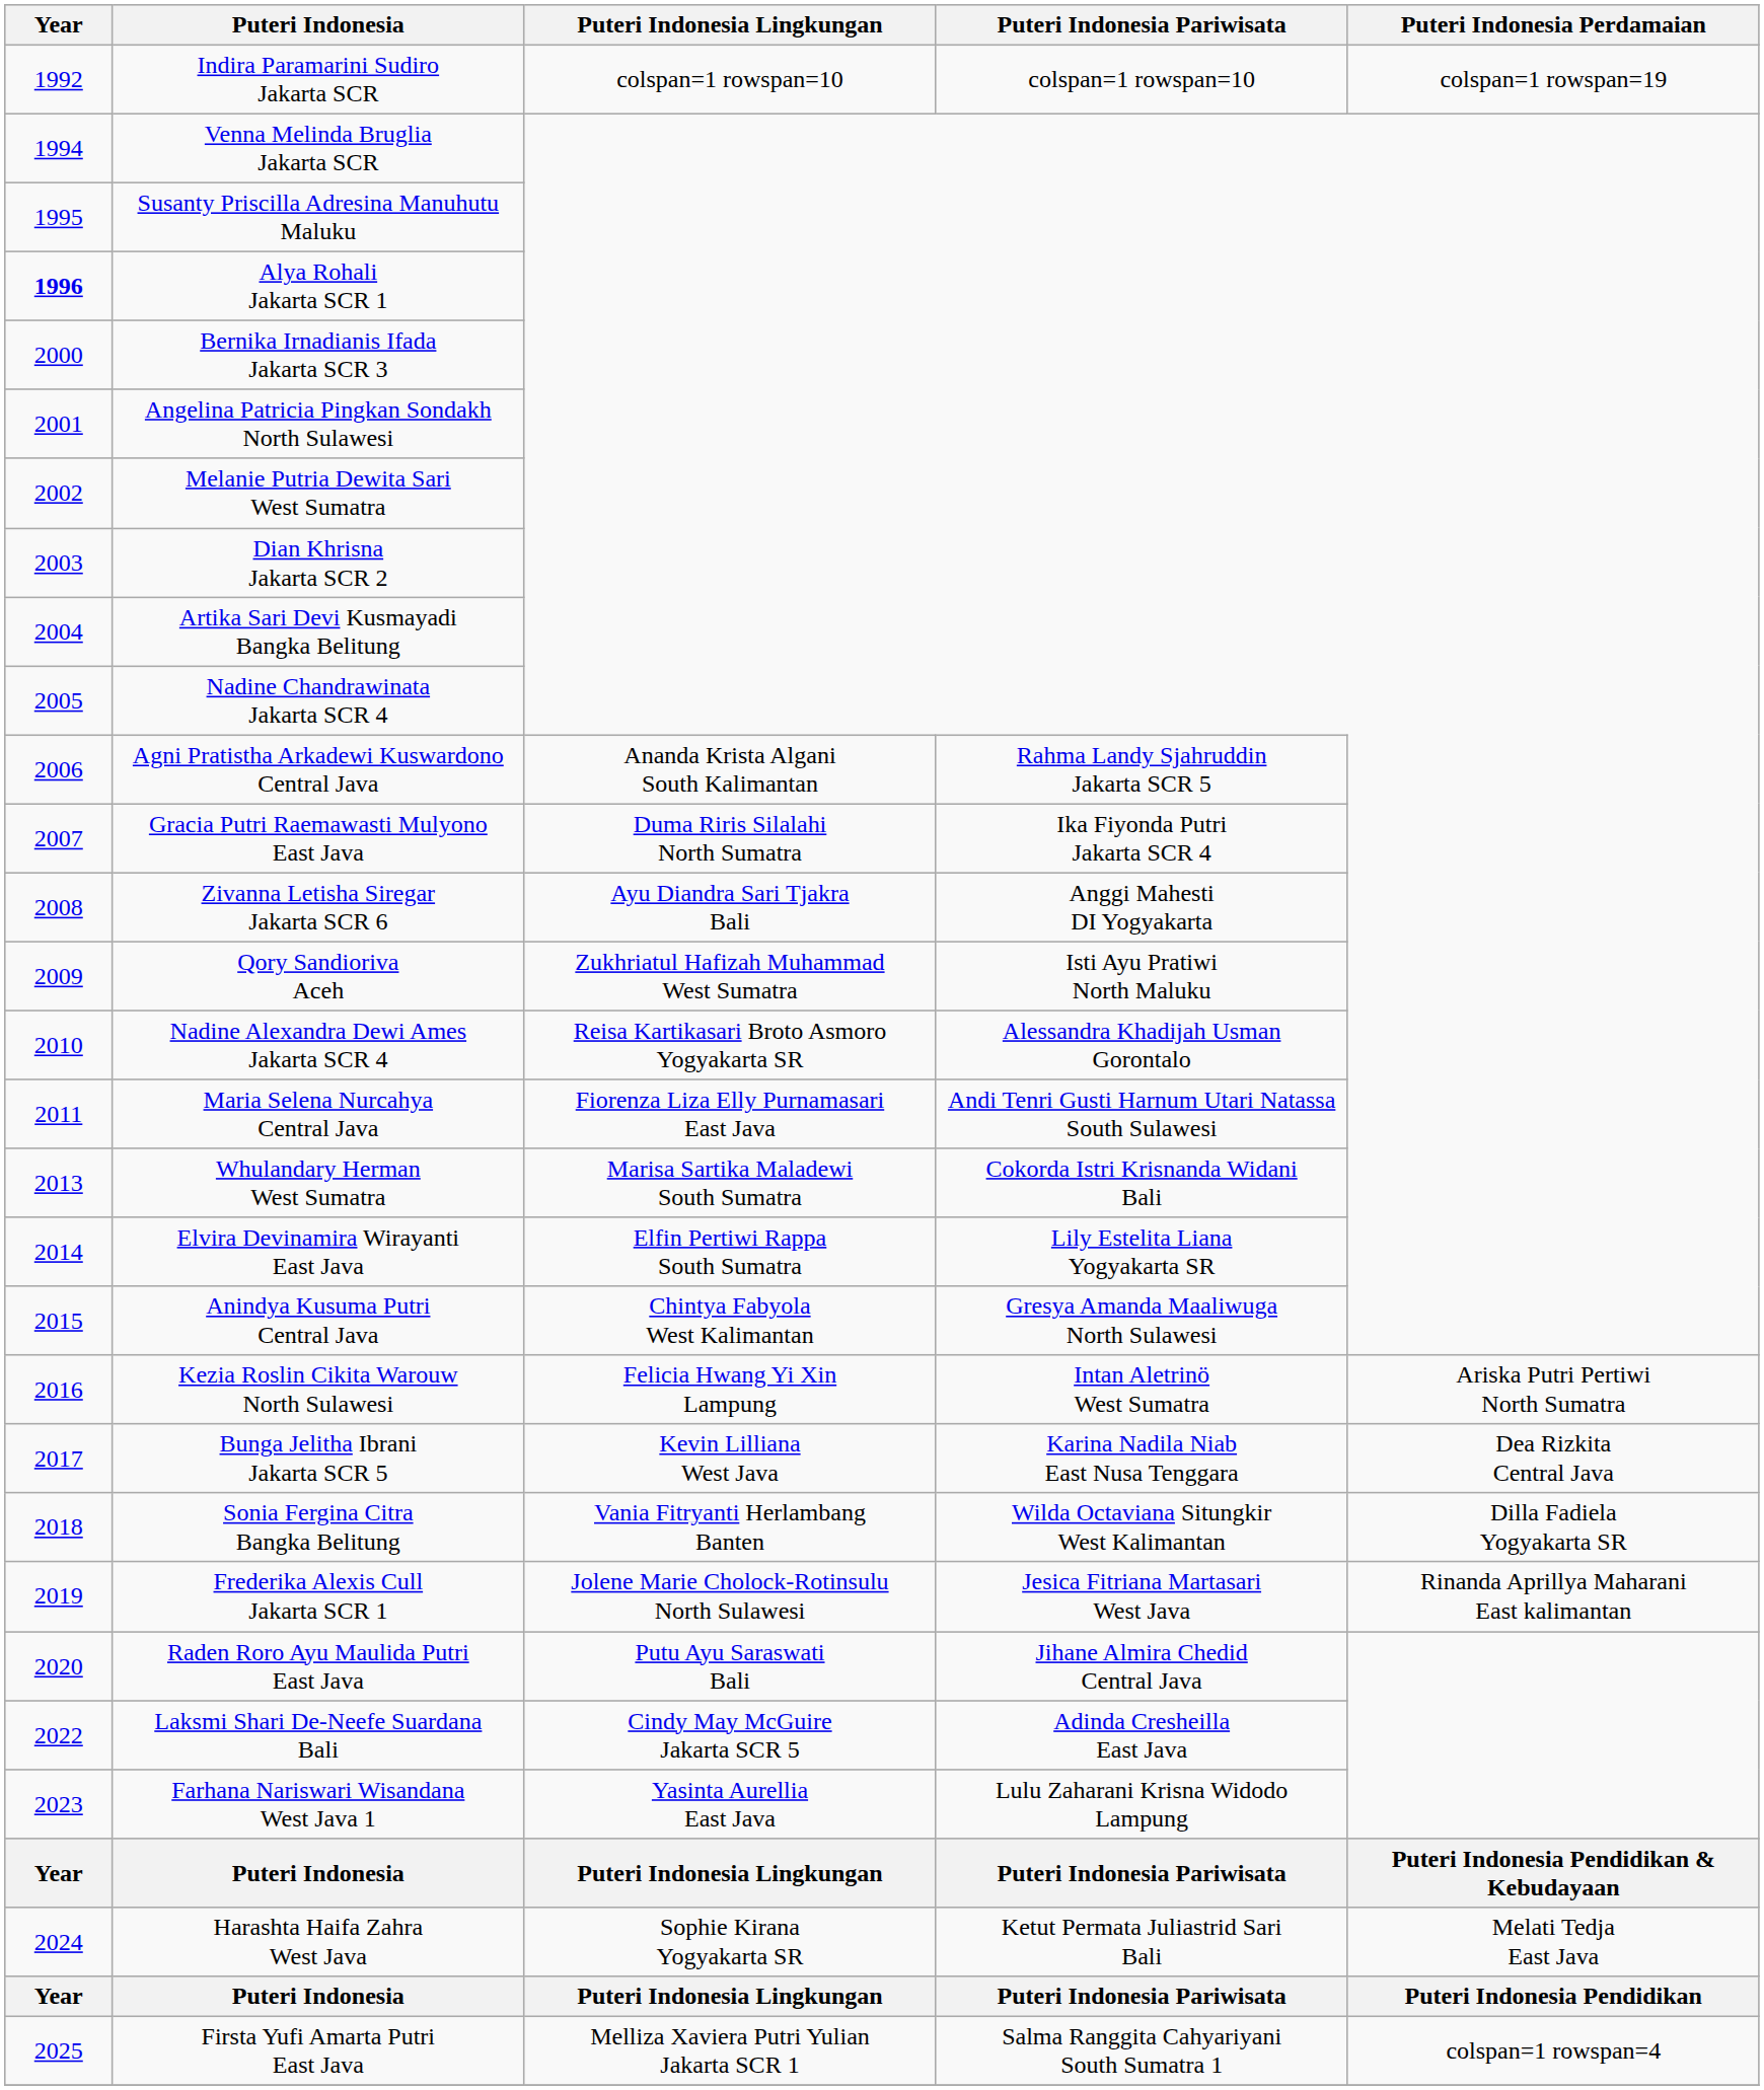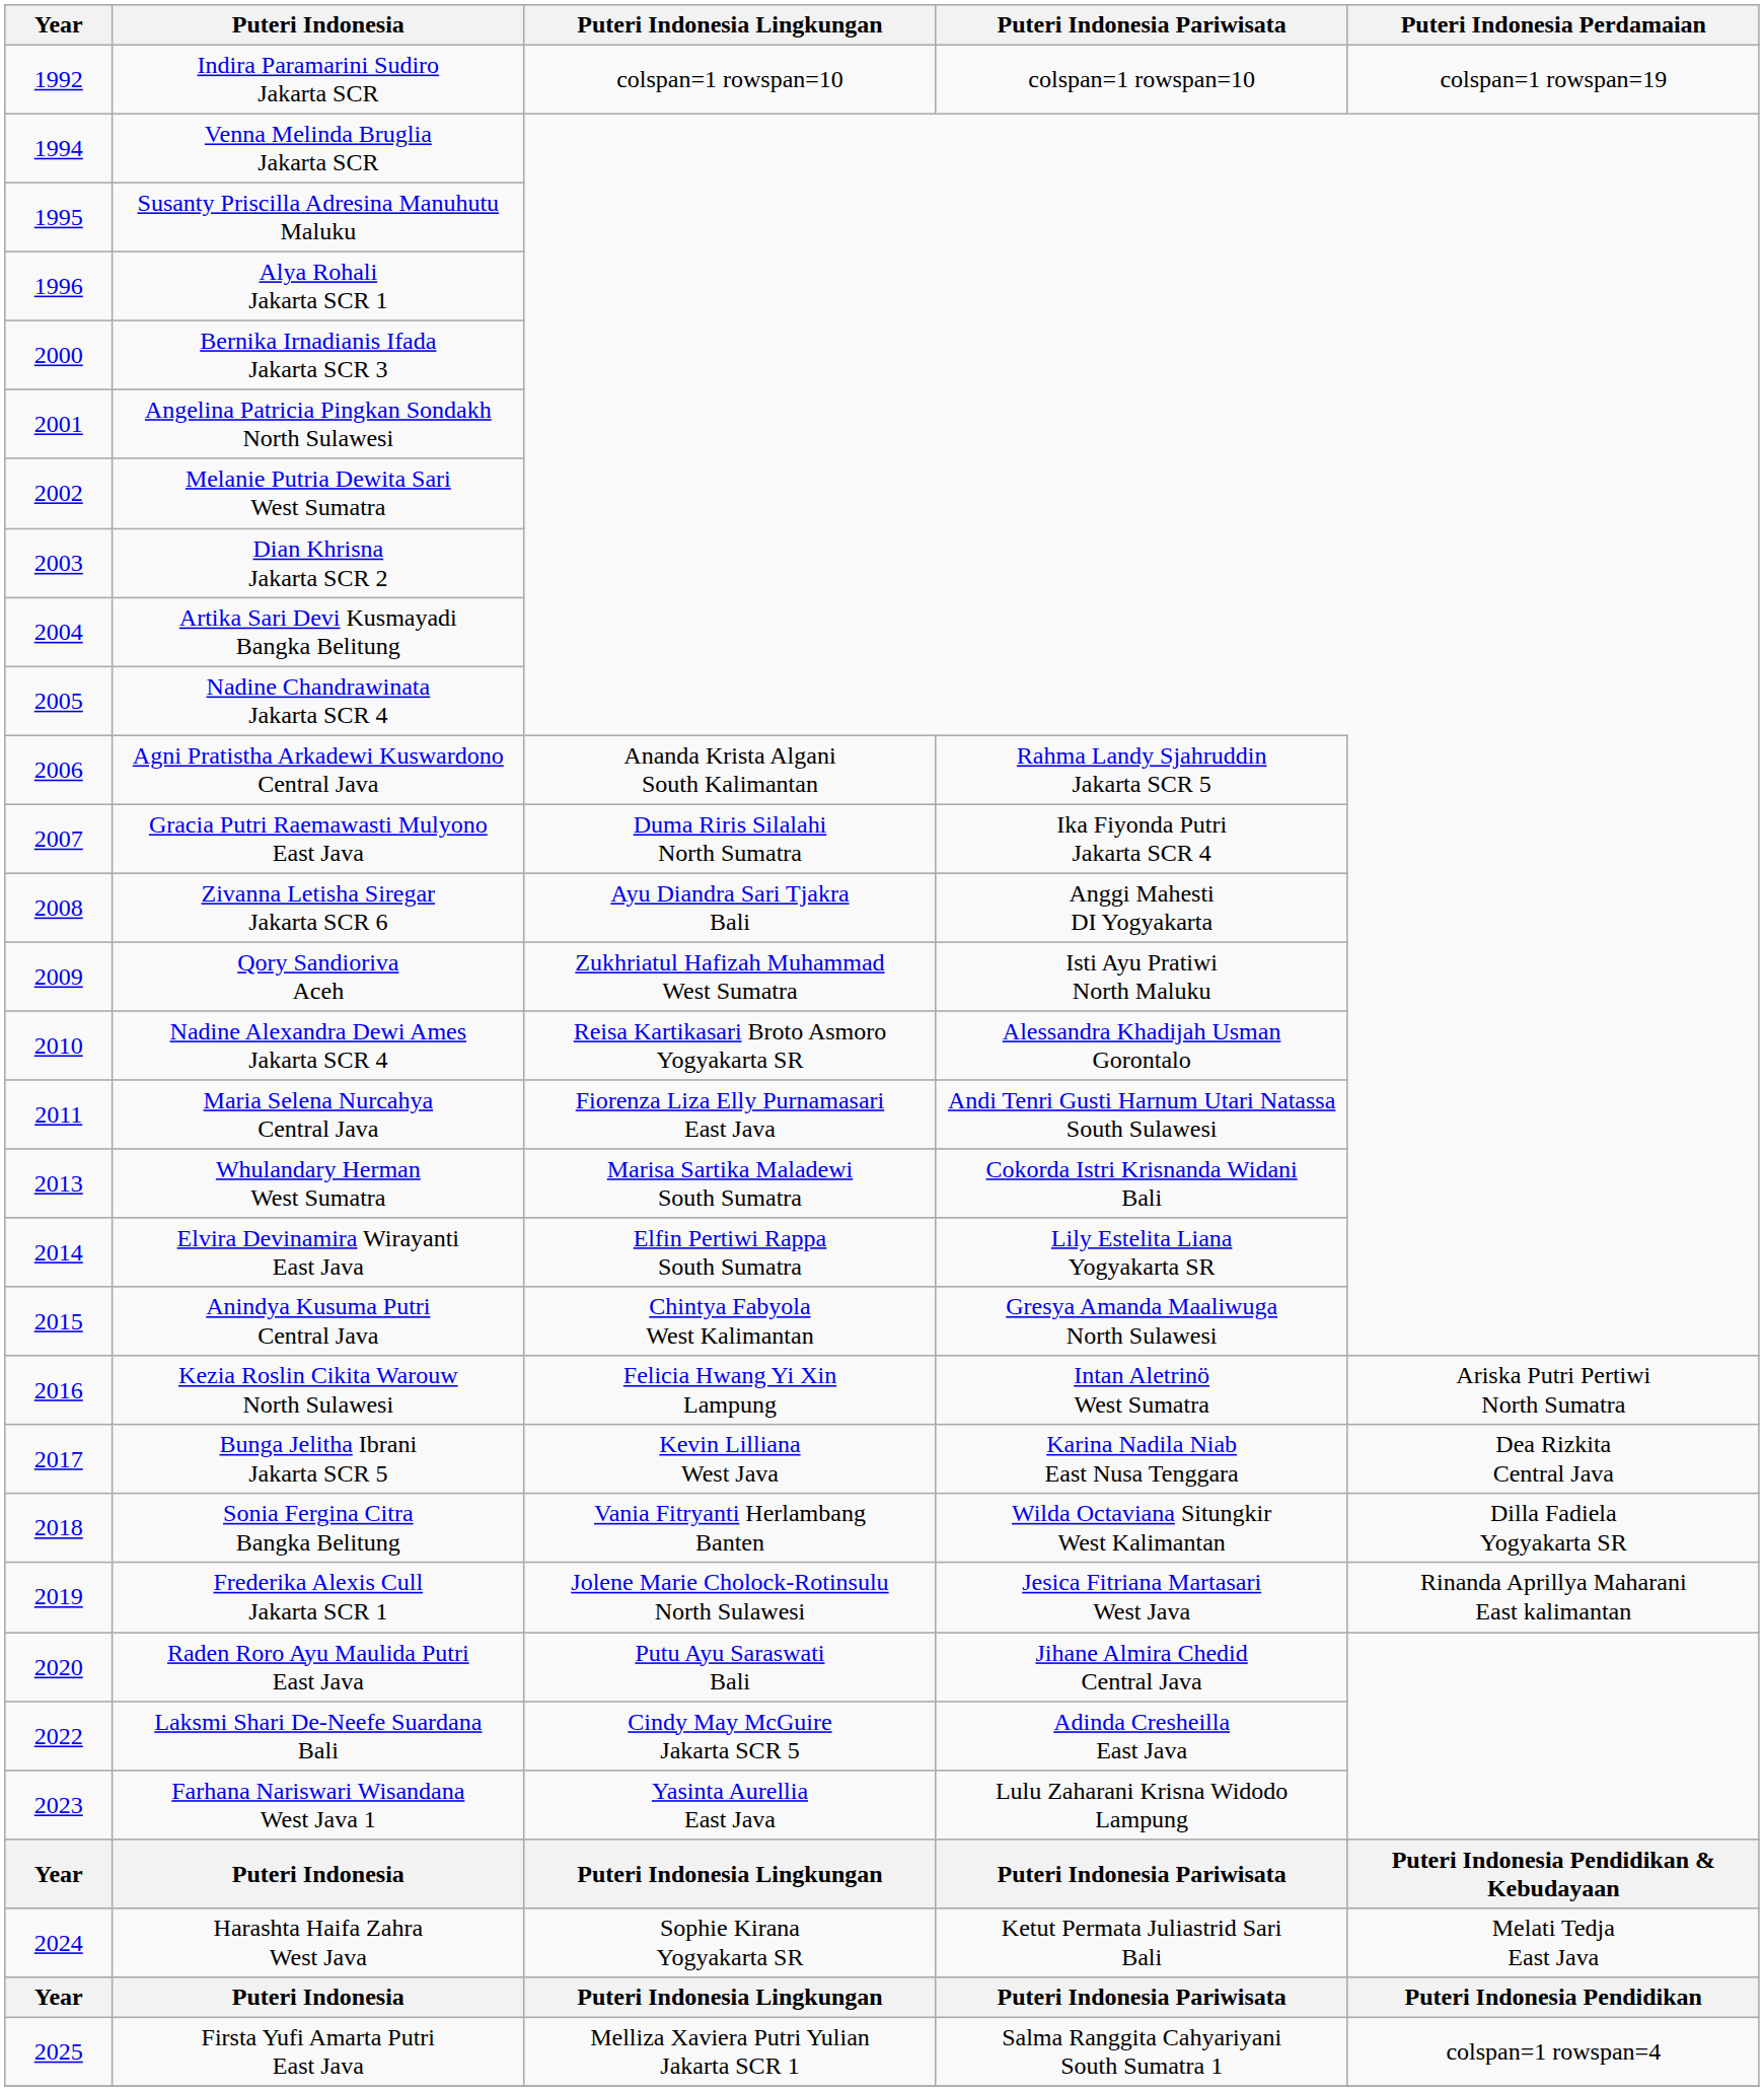 <table class="wikitable sortable" style="font-size: 95%; text-align:center">
 <tr>
 <th width="60">Year</th>
 <th width="250">Puteri Indonesia</th>
 <th width="250">Puteri Indonesia Lingkungan</th>
 <th width="250">Puteri Indonesia Pariwisata</th>
 <th width="250">Puteri Indonesia Perdamaian</th>
 </tr>
 <tr>
 <td><a href='#'>1992</a></td>
 <td><a href='#'>Indira Paramarini Sudiro</a><br>Jakarta SCR</td>
 <td>colspan=1 rowspan=10 </td>
 <td>colspan=1 rowspan=10 </td>
 <td>colspan=1 rowspan=19 </td>
 </tr>
 <tr>
 <td><a href='#'>1994</a></td>
 <td><a href='#'>Venna Melinda Bruglia</a><br>Jakarta SCR</td>
 </tr>
 <tr>
 <td><a href='#'>1995</a></td>
 <td><a href='#'>Susanty Priscilla Adresina Manuhutu</a><br>Maluku</td>
 </tr>
 <tr>
-<td><strong><a href='#'>1996</a></strong></td>
+<td><a href='#'>1996</a></td>
 <td><a href='#'>Alya Rohali</a><br>Jakarta SCR 1</td>
 </tr>
 <tr>
 <td><a href='#'>2000</a></td>
 <td><a href='#'>Bernika Irnadianis Ifada</a><br>Jakarta SCR 3</td>
 </tr>
 <tr>
 <td><a href='#'>2001</a></td>
 <td><a href='#'>Angelina Patricia Pingkan Sondakh</a><br>North Sulawesi</td>
 </tr>
 <tr>
 <td><a href='#'>2002</a></td>
 <td><a href='#'>Melanie Putria Dewita Sari</a><br>West Sumatra</td>
 </tr>
 <tr>
 <td><a href='#'>2003</a></td>
 <td><a href='#'>Dian Khrisna</a><br>Jakarta SCR 2</td>
 </tr>
 <tr>
 <td><a href='#'>2004</a></td>
 <td><a href='#'>Artika Sari Devi</a> Kusmayadi<br>Bangka Belitung</td>
 </tr>
 <tr>
 <td><a href='#'>2005</a></td>
 <td><a href='#'>Nadine Chandrawinata</a><br>Jakarta SCR 4</td>
 </tr>
 <tr>
 <td><a href='#'>2006</a></td>
 <td><a href='#'>Agni Pratistha Arkadewi Kuswardono</a><br>Central Java</td>
 <td>Ananda Krista Algani<br>South Kalimantan</td>
 <td><a href='#'>Rahma Landy Sjahruddin</a><br>Jakarta SCR 5</td>
 </tr>
 <tr>
 <td><a href='#'>2007</a></td>
 <td><a href='#'>Gracia Putri Raemawasti Mulyono</a><br>East Java</td>
 <td><a href='#'>Duma Riris Silalahi</a><br>North Sumatra</td>
 <td>Ika Fiyonda Putri<br>Jakarta SCR 4</td>
 </tr>
 <tr>
 <td><a href='#'>2008</a></td>
 <td><a href='#'>Zivanna Letisha Siregar</a><br>Jakarta SCR 6</td>
 <td><a href='#'>Ayu Diandra Sari Tjakra</a><br>Bali</td>
 <td>Anggi Mahesti<br> DI Yogyakarta</td>
 </tr>
 <tr>
 <td><a href='#'>2009</a></td>
 <td><a href='#'>Qory Sandioriva</a><br>Aceh</td>
 <td><a href='#'>Zukhriatul Hafizah Muhammad</a><br>West Sumatra</td>
 <td>Isti Ayu Pratiwi<br>North Maluku</td>
 </tr>
 <tr>
 <td><a href='#'>2010</a></td>
 <td><a href='#'>Nadine Alexandra Dewi Ames</a><br>Jakarta SCR 4</td>
 <td><a href='#'>Reisa Kartikasari</a> Broto Asmoro<br>Yogyakarta SR</td>
 <td><a href='#'>Alessandra Khadijah Usman</a><br>Gorontalo</td>
 </tr>
 <tr>
 <td><a href='#'>2011</a></td>
 <td><a href='#'>Maria Selena Nurcahya</a><br>Central Java</td>
 <td><a href='#'>Fiorenza Liza Elly Purnamasari</a><br>East Java</td>
 <td><a href='#'>Andi Tenri Gusti Harnum Utari Natassa</a><br>South Sulawesi</td>
 </tr>
 <tr>
 <td><a href='#'>2013</a></td>
 <td><a href='#'>Whulandary Herman</a><br>West Sumatra</td>
 <td><a href='#'>Marisa Sartika Maladewi</a><br>South Sumatra</td>
 <td><a href='#'>Cokorda Istri Krisnanda Widani</a><br>Bali</td>
 </tr>
 <tr>
 <td><a href='#'>2014</a></td>
 <td><a href='#'>Elvira Devinamira</a> Wirayanti<br>East Java</td>
 <td><a href='#'>Elfin Pertiwi Rappa</a><br>South Sumatra</td>
 <td><a href='#'>Lily Estelita Liana</a><br>Yogyakarta SR</td>
 </tr>
 <tr>
 <td><a href='#'>2015</a></td>
 <td><a href='#'>Anindya Kusuma Putri</a><br>Central Java</td>
 <td><a href='#'>Chintya Fabyola</a><br>West Kalimantan</td>
 <td><a href='#'>Gresya Amanda Maaliwuga</a><br>North Sulawesi</td>
 </tr>
 <tr>
 <td><a href='#'>2016</a></td>
 <td><a href='#'>Kezia Roslin Cikita Warouw</a><br>North Sulawesi</td>
 <td><a href='#'>Felicia Hwang Yi Xin</a><br>Lampung</td>
 <td><a href='#'>Intan Aletrinö</a><br>West Sumatra</td>
 <td>Ariska Putri Pertiwi<br>North Sumatra</td>
 </tr>
 <tr>
 <td><a href='#'>2017</a></td>
 <td><a href='#'>Bunga Jelitha</a> Ibrani<br>Jakarta SCR 5</td>
 <td><a href='#'>Kevin Lilliana</a><br>West Java</td>
 <td><a href='#'>Karina Nadila Niab</a><br>East Nusa Tenggara</td>
 <td>Dea Rizkita<br>Central Java</td>
 </tr>
 <tr>
 <td><a href='#'>2018</a></td>
 <td><a href='#'>Sonia Fergina Citra</a><br>Bangka Belitung</td>
 <td><a href='#'>Vania Fitryanti</a> Herlambang<br>Banten</td>
 <td><a href='#'>Wilda Octaviana</a> Situngkir<br>West Kalimantan</td>
 <td>Dilla Fadiela<br>Yogyakarta SR</td>
 </tr>
 <tr>
 <td><a href='#'>2019</a></td>
 <td><a href='#'>Frederika Alexis Cull</a><br>Jakarta SCR 1</td>
 <td><a href='#'>Jolene Marie Cholock-Rotinsulu</a><br>North Sulawesi</td>
 <td><a href='#'>Jesica Fitriana Martasari</a> <br>West Java</td>
 <td>Rinanda Aprillya Maharani<br>East kalimantan</td>
 </tr>
 <tr>
 <td><a href='#'>2020</a></td>
 <td><a href='#'>Raden Roro Ayu Maulida Putri</a><br>East Java</td>
 <td><a href='#'>Putu Ayu Saraswati</a><br>Bali</td>
 <td><a href='#'>Jihane Almira Chedid</a><br>Central Java</td>
 </tr>
 <tr>
 <td><a href='#'>2022</a></td>
 <td><a href='#'>Laksmi Shari De-Neefe Suardana</a><br>Bali</td>
 <td><a href='#'>Cindy May McGuire</a><br>Jakarta SCR 5</td>
 <td><a href='#'>Adinda Cresheilla</a><br>East Java</td>
 </tr>
 <tr>
 <td><a href='#'>2023</a></td>
 <td><a href='#'>Farhana Nariswari Wisandana</a><br>West Java 1</td>
 <td><a href='#'>Yasinta Aurellia</a><br>East Java</td>
 <td>Lulu Zaharani Krisna Widodo<br>Lampung</td>
 </tr>
 <tr>
 <th width="60">Year</th>
 <th width="250">Puteri Indonesia</th>
 <th width="250">Puteri Indonesia Lingkungan</th>
 <th width="250">Puteri Indonesia Pariwisata</th>
 <th width="250">Puteri Indonesia Pendidikan & Kebudayaan</th>
 </tr>
 <tr>
 <td><a href='#'>2024</a></td>
 <td>Harashta Haifa Zahra<br>West Java</td>
 <td>Sophie Kirana<br>Yogyakarta SR</td>
 <td>Ketut Permata Juliastrid Sari<br>Bali</td>
 <td>Melati Tedja<br>East Java</td>
 </tr>
 <tr>
 <th width="60">Year</th>
 <th width="250">Puteri Indonesia</th>
 <th width="250">Puteri Indonesia Lingkungan</th>
 <th width="250">Puteri Indonesia Pariwisata</th>
 <th width="250">Puteri Indonesia Pendidikan</th>
 </tr>
 <tr>
 <td><a href='#'>2025</a></td>
 <td>Firsta Yufi Amarta Putri <br>East Java</td>
 <td>Melliza Xaviera Putri Yulian<br>Jakarta SCR 1</td>
 <td>Salma Ranggita Cahyariyani<br>South Sumatra 1</td>
 <td>colspan=1 rowspan=4 </td>
 </tr>
 <tr>
 </tr>
 </table>
